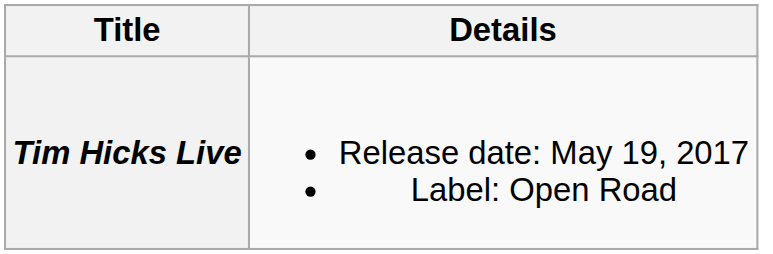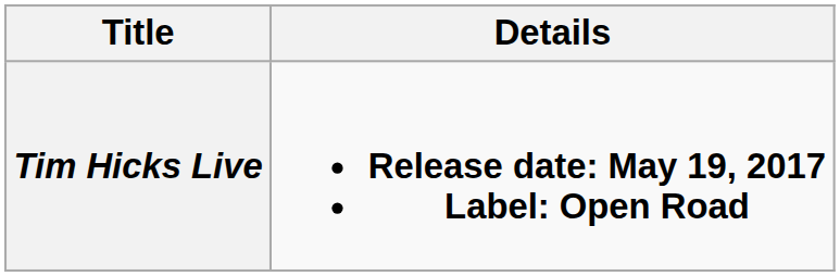 <table class="wikitable plainrowheaders" style="text-align:center;">
 <tr>
 <th scope="col">Title</th>
 <th scope="col">Details</th>
 </tr>
 <tr>
 <th scope="row"><em>Tim Hicks Live</em></th>
-<td><br><ul><li>Release date: May 19, 2017</li><li>Label: Open Road</li></ul></td>
+<td><strong><br><ul><li>Release date: May 19, 2017</li><li>Label: Open Road</li></ul></strong></td>
 </tr>
 </table>
